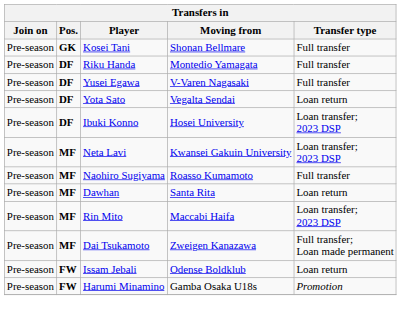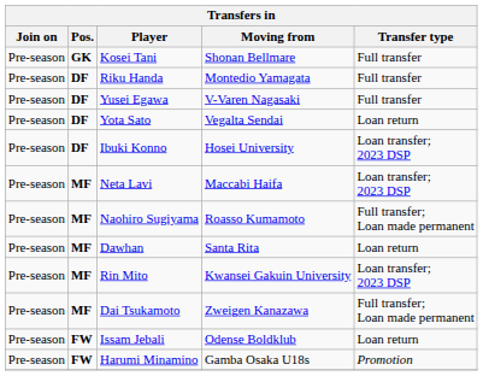 <table class="wikitable sortable" style=“text-align:left;>
 <tr>
 <th colspan="5">Transfers in</th>
 </tr>
 <tr>
 <th>Join on</th>
 <th>Pos.</th>
 <th>Player</th>
 <th>Moving from</th>
 <th>Transfer type</th>
 </tr>
 <tr>
 <td>Pre-season</td>
 <td><strong>GK</strong></td>
 <td> <a href='#'>Kosei Tani</a></td>
 <td> <a href='#'>Shonan Bellmare</a></td>
 <td>Full transfer</td>
 </tr>
 <tr>
 <td>Pre-season</td>
 <td><strong>DF</strong></td>
 <td> <a href='#'>Riku Handa</a></td>
 <td> <a href='#'>Montedio Yamagata</a></td>
 <td>Full transfer</td>
 </tr>
 <tr>
 <td>Pre-season</td>
 <td><strong>DF</strong></td>
 <td> <a href='#'>Yusei Egawa</a></td>
 <td> <a href='#'>V-Varen Nagasaki</a></td>
 <td>Full transfer</td>
 </tr>
 <tr>
 <td>Pre-season</td>
 <td><strong>DF</strong></td>
 <td> <a href='#'>Yota Sato</a></td>
 <td> <a href='#'>Vegalta Sendai</a></td>
 <td>Loan return</td>
 </tr>
 <tr>
 <td>Pre-season</td>
 <td><strong>DF</strong></td>
 <td> <a href='#'>Ibuki Konno</a></td>
 <td> <a href='#'>Hosei University</a></td>
 <td>Loan transfer;<br> <a href='#'>2023 DSP</a></td>
 </tr>
 <tr>
 <td>Pre-season</td>
 <td><strong>MF</strong></td>
 <td> <a href='#'>Neta Lavi</a></td>
-<td> <a href='#'>Kwansei Gakuin University</a></td>
+<td> <a href='#'>Maccabi Haifa</a></td>
 <td>Loan transfer;<br> <a href='#'>2023 DSP</a></td>
 </tr>
 <tr>
 <td>Pre-season</td>
 <td><strong>MF</strong></td>
 <td> <a href='#'>Naohiro Sugiyama</a></td>
 <td> <a href='#'>Roasso Kumamoto</a></td>
-<td>Full transfer</td>
+<td>Full transfer;<br> Loan made permanent</td>
 </tr>
 <tr>
 <td>Pre-season</td>
 <td><strong>MF</strong></td>
 <td> <a href='#'>Dawhan</a></td>
 <td> <a href='#'>Santa Rita</a></td>
 <td>Loan return</td>
 </tr>
 <tr>
 <td>Pre-season</td>
 <td><strong>MF</strong></td>
 <td> <a href='#'>Rin Mito</a></td>
-<td> <a href='#'>Maccabi Haifa</a></td>
+<td> <a href='#'>Kwansei Gakuin University</a></td>
 <td>Loan transfer;<br> <a href='#'>2023 DSP</a></td>
 </tr>
 <tr>
 <td>Pre-season</td>
 <td><strong>MF</strong></td>
 <td> <a href='#'>Dai Tsukamoto</a></td>
 <td> <a href='#'>Zweigen Kanazawa</a></td>
 <td>Full transfer;<br> Loan made permanent</td>
 </tr>
 <tr>
 <td>Pre-season</td>
 <td><strong>FW</strong></td>
 <td> <a href='#'>Issam Jebali</a></td>
 <td> <a href='#'>Odense Boldklub</a></td>
 <td>Loan return</td>
 </tr>
 <tr>
 <td>Pre-season</td>
 <td><strong>FW</strong></td>
 <td> <a href='#'>Harumi Minamino</a></td>
 <td>Gamba Osaka U18s</td>
 <td><em>Promotion</em></td>
 </tr>
 <tr>
 </tr>
 </table>
